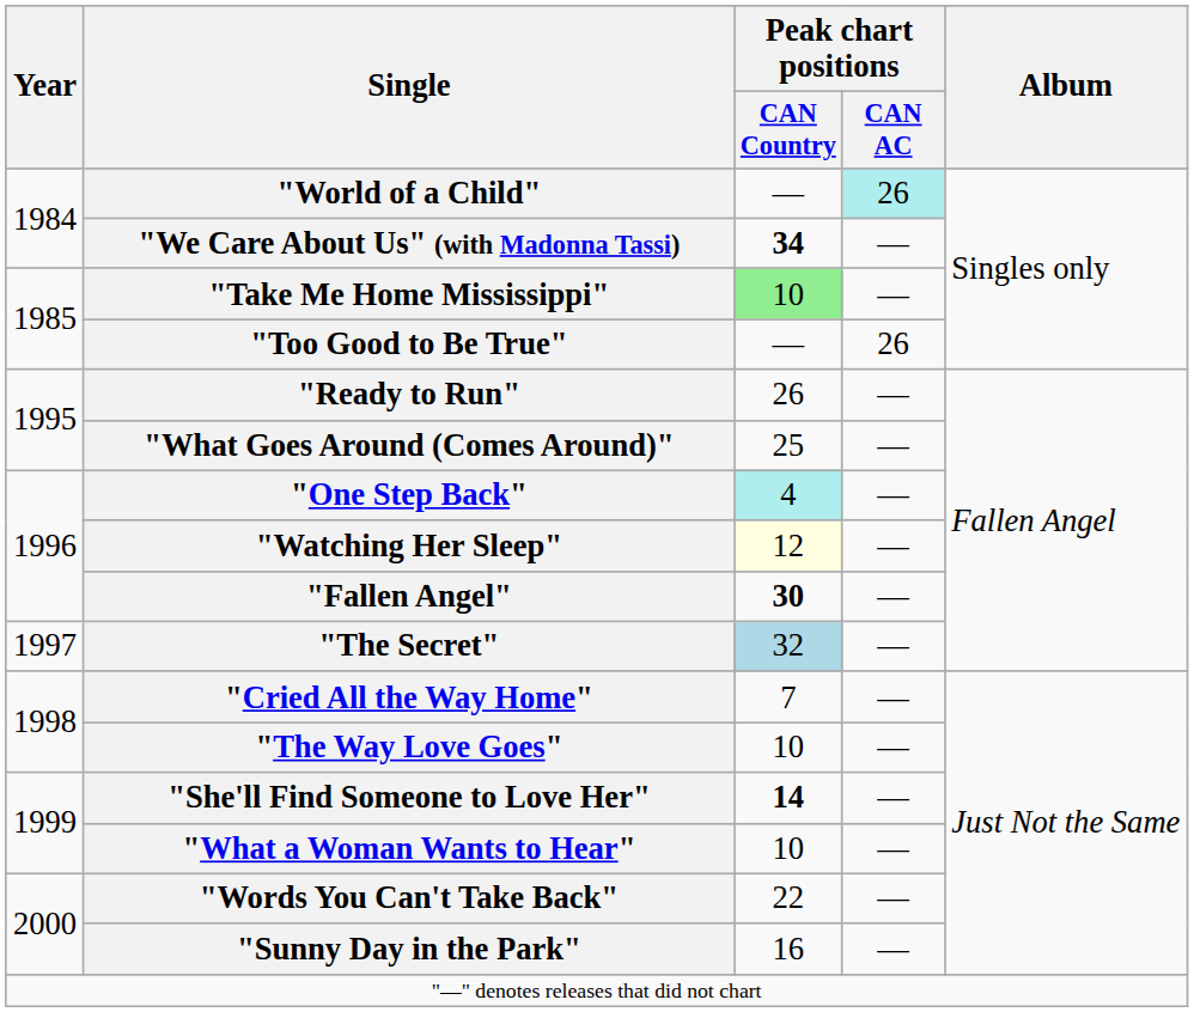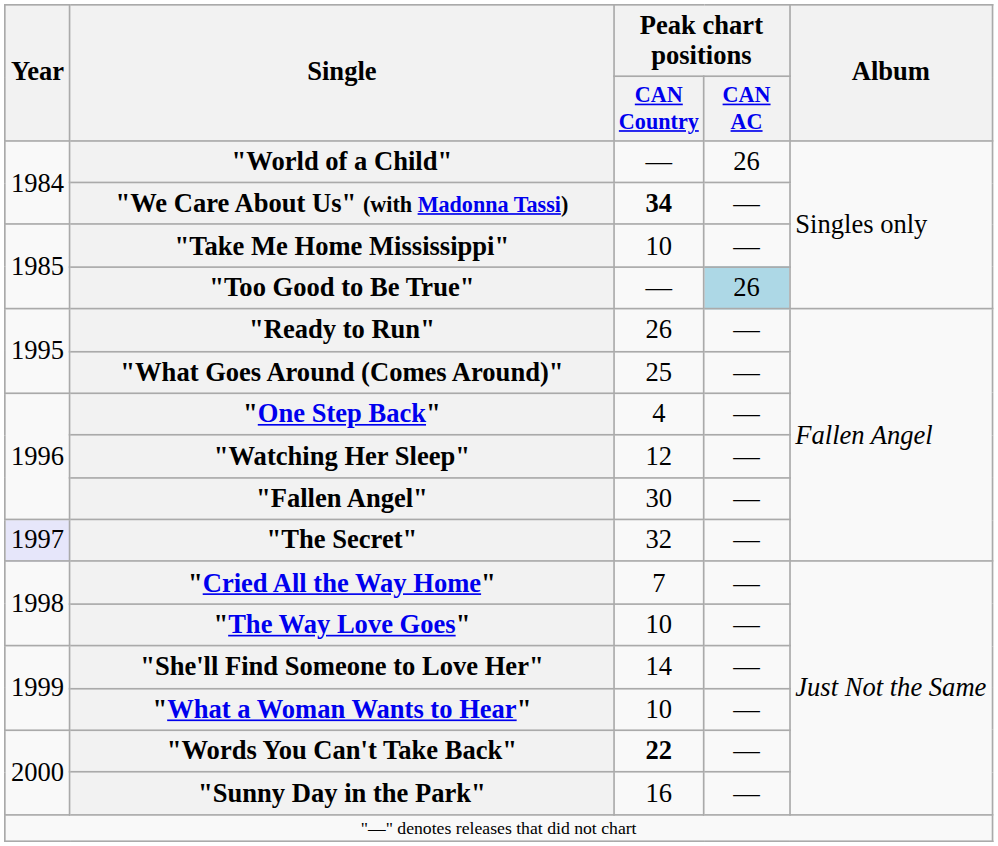 <table class="wikitable plainrowheaders" style="text-align:center;">
 <tr>
 <th rowspan="2">Year</th>
 <th rowspan="2" style="width:20em;">Single</th>
 <th colspan="2">Peak chart<br>positions</th>
 <th rowspan="2">Album</th>
 </tr>
 <tr style="font-size:smaller;">
 <th width="45"><a href='#'>CAN Country</a></th>
 <th width="45"><a href='#'>CAN AC</a></th>
 </tr>
 <tr>
 <td rowspan="2">1984</td>
 <th scope="row">"World of a Child"</th>
 <td>—</td>
-<td style="background: paleturquoise;">26</td>
+<td>26</td>
 <td align="left" rowspan="4">Singles only</td>
 </tr>
 <tr>
 <th scope="row">"We Care About Us" <small>(with <a href='#'>Madonna Tassi</a>)</small></th>
 <td><strong>34</strong></td>
 <td>—</td>
 </tr>
 <tr>
 <td rowspan="2">1985</td>
 <th scope="row">"Take Me Home Mississippi"</th>
-<td style="background: lightgreen;">10</td>
+<td>10</td>
 <td>—</td>
 </tr>
 <tr>
 <th scope="row">"Too Good to Be True"</th>
 <td>—</td>
-<td>26</td>
+<td style="background: lightblue;">26</td>
 </tr>
 <tr>
 <td rowspan="2">1995</td>
 <th scope="row">"Ready to Run"</th>
 <td>26</td>
 <td>—</td>
 <td align="left" rowspan="6"><em>Fallen Angel</em></td>
 </tr>
 <tr>
 <th scope="row">"What Goes Around (Comes Around)"</th>
 <td>25</td>
 <td>—</td>
 </tr>
 <tr>
 <td rowspan="3">1996</td>
 <th scope="row">"<a href='#'>One Step Back</a>"</th>
-<td style="background: paleturquoise;">4</td>
+<td>4</td>
 <td>—</td>
 </tr>
 <tr>
 <th scope="row">"Watching Her Sleep"</th>
-<td style="background: lightyellow;">12</td>
+<td>12</td>
 <td>—</td>
 </tr>
 <tr>
 <th scope="row">"Fallen Angel"</th>
-<td><strong>30</strong></td>
+<td>30</td>
 <td>—</td>
 </tr>
 <tr>
-<td>1997</td>
+<td style="background: lavender;">1997</td>
 <th scope="row">"The Secret"</th>
-<td style="background: lightblue;">32</td>
+<td>32</td>
 <td>—</td>
 </tr>
 <tr>
 <td rowspan="2">1998</td>
 <th scope="row">"<a href='#'>Cried All the Way Home</a>"</th>
 <td>7</td>
 <td>—</td>
 <td align="left" rowspan="6"><em>Just Not the Same</em></td>
 </tr>
 <tr>
 <th scope="row">"<a href='#'>The Way Love Goes</a>"</th>
 <td>10</td>
 <td>—</td>
 </tr>
 <tr>
 <td rowspan="2">1999</td>
 <th scope="row">"She'll Find Someone to Love Her"</th>
-<td><strong>14</strong></td>
+<td>14</td>
 <td>—</td>
 </tr>
 <tr>
 <th scope="row">"<a href='#'>What a Woman Wants to Hear</a>"</th>
 <td>10</td>
 <td>—</td>
 </tr>
 <tr>
 <td rowspan="2">2000</td>
 <th scope="row">"Words You Can't Take Back"</th>
-<td>22</td>
+<td><strong>22</strong></td>
 <td>—</td>
 </tr>
 <tr>
 <th scope="row">"Sunny Day in the Park"</th>
 <td>16</td>
 <td>—</td>
 </tr>
 <tr>
 <td colspan="5" style="font-size:8pt">"—" denotes releases that did not chart</td>
 </tr>
 <tr>
 </tr>
 </table>
